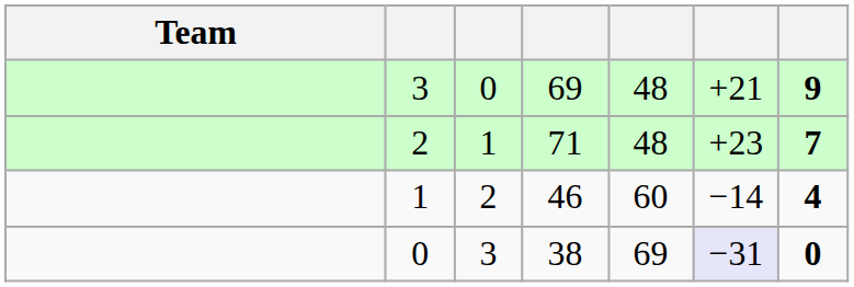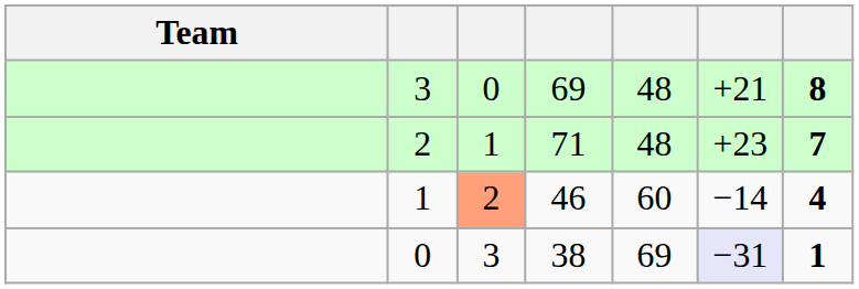 <table class="wikitable" style="text-align:center;">
 <tr>
 <th style="width:10.5em;">Team</th>
 <th style="width:1.5em;"></th>
 <th style="width:1.5em;"></th>
 <th style="width:2.0em;"></th>
 <th style="width:2.0em;"></th>
 <th style="width:2.0em;"></th>
 <th style="width:1.5em;"></th>
 </tr>
 <tr bgcolor="#cfc">
 <td align="left"></td>
 <td>3</td>
 <td>0</td>
 <td>69</td>
 <td>48</td>
 <td>+21</td>
-<td><strong>9</strong></td>
+<td><strong>8</strong></td>
 </tr>
 <tr bgcolor="#cfc">
 <td align="left"></td>
 <td>2</td>
 <td>1</td>
 <td>71</td>
 <td>48</td>
 <td>+23</td>
 <td><strong>7</strong></td>
 </tr>
 <tr>
 <td align="left"></td>
 <td>1</td>
-<td>2</td>
+<td style="background: lightsalmon;">2</td>
 <td>46</td>
 <td>60</td>
 <td>−14</td>
 <td><strong>4</strong></td>
 </tr>
 <tr>
 <td align="left"></td>
 <td>0</td>
 <td>3</td>
 <td>38</td>
 <td>69</td>
 <td style="background: lavender;">−31</td>
-<td><strong>0</strong></td>
+<td><strong>1</strong></td>
 </tr>
 </table>
